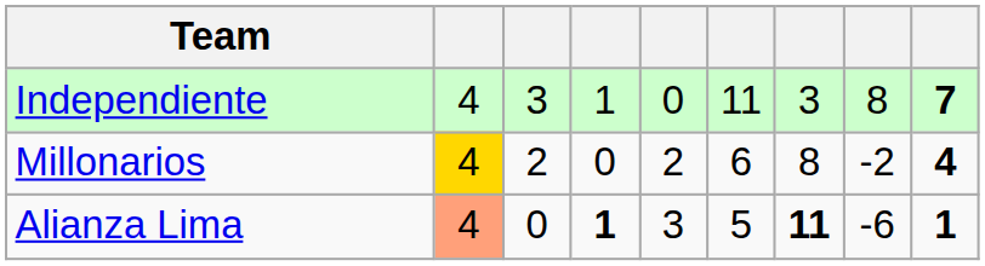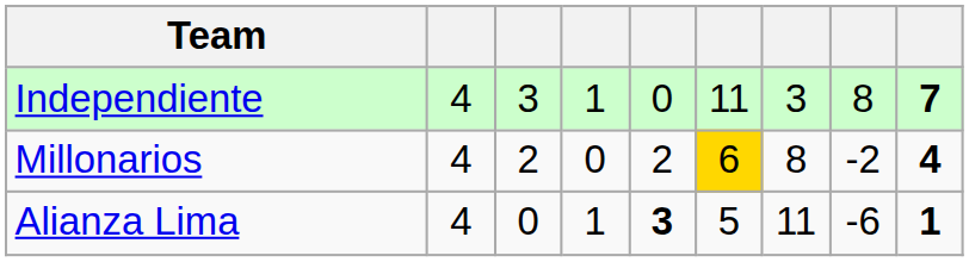 <table class="wikitable" style="text-align: center;">
 <tr>
 <th width="165">Team</th>
 <th width="20"></th>
 <th width="20"></th>
 <th width="20"></th>
 <th width="20"></th>
 <th width="20"></th>
 <th width="20"></th>
 <th width="20"></th>
 <th width="20"></th>
 </tr>
 <tr bgcolor=ccffcc>
 <td style="text-align:left;"> <a href='#'>Independiente</a></td>
 <td>4</td>
 <td>3</td>
 <td>1</td>
 <td>0</td>
 <td>11</td>
 <td>3</td>
 <td>8</td>
 <td><strong>7</strong></td>
 </tr>
 <tr>
 <td style="text-align:left;"> <a href='#'>Millonarios</a></td>
-<td style="background: gold;">4</td>
+<td>4</td>
 <td>2</td>
 <td>0</td>
 <td>2</td>
-<td>6</td>
+<td style="background: gold;">6</td>
 <td>8</td>
 <td>-2</td>
 <td><strong>4</strong></td>
 </tr>
 <tr>
 <td style="text-align:left;"> <a href='#'>Alianza Lima</a></td>
-<td style="background: lightsalmon;">4</td>
+<td>4</td>
 <td>0</td>
-<td><strong>1</strong></td>
-<td>3</td>
+<td>1</td>
+<td><strong>3</strong></td>
 <td>5</td>
-<td><strong>11</strong></td>
+<td>11</td>
 <td>-6</td>
 <td><strong>1</strong></td>
 </tr>
 </table>
